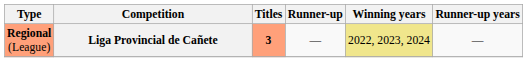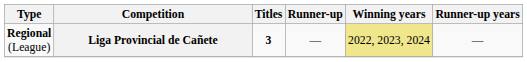 <table class="wikitable plainrowheaders" style="font-size:95%; text-align:center;">
 <tr>
 <th>Type</th>
 <th width=250px>Competition</th>
 <th>Titles</th>
 <th>Runner-up</th>
 <th>Winning years</th>
 <th>Runner-up years</th>
 </tr>
 <tr>
-<td rowspan=1 style="background: lightsalmon;"><strong>Regional</strong><br>(League)</td>
+<td rowspan=1><strong>Regional</strong><br>(League)</td>
 <th scope=col>Liga Provincial de Cañete</th>
-<td style="background: lightsalmon;"><strong>3</strong></td>
+<td><strong>3</strong></td>
 <td style="text-align:center;">—</td>
 <td align="left" style="background: khaki;">2022, 2023, 2024</td>
 <td style="text-align:center;">—</td>
 </tr>
 <tr>
 </tr>
 </table>
